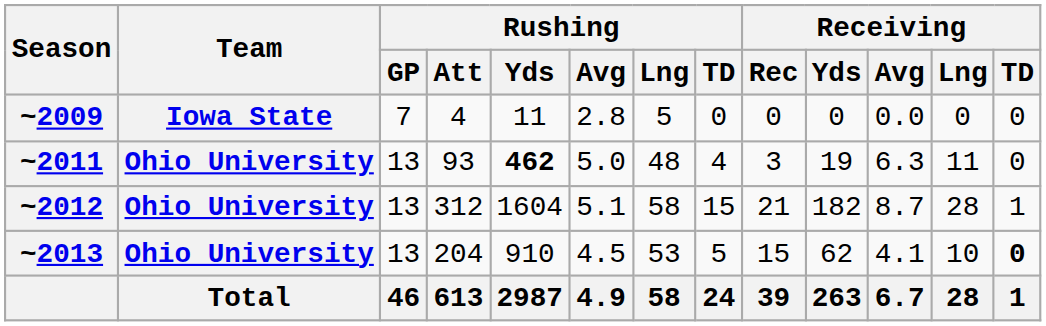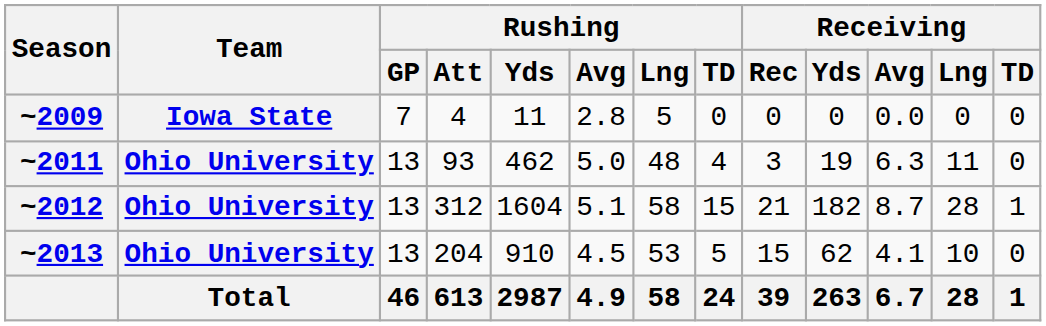 <table class=wikitable style="text-align:center;">
 <tr>
 <th rowspan=2>Season</th>
 <th rowspan=2>Team</th>
 <th colspan=6>Rushing</th>
 <th colspan=5>Receiving</th>
 </tr>
 <tr>
 <th>GP</th>
 <th>Att</th>
 <th>Yds</th>
 <th>Avg</th>
 <th>Lng</th>
 <th>TD</th>
 <th>Rec</th>
 <th>Yds</th>
 <th>Avg</th>
 <th>Lng</th>
 <th>TD</th>
 </tr>
 <tr>
 <th>~<a href='#'>2009</a></th>
 <th><a href='#'>Iowa State</a></th>
 <td>7</td>
 <td>4</td>
 <td>11</td>
 <td>2.8</td>
 <td>5</td>
 <td>0</td>
 <td>0</td>
 <td>0</td>
 <td>0.0</td>
 <td>0</td>
 <td>0</td>
 </tr>
 <tr>
 <th>~<a href='#'>2011</a></th>
 <th><a href='#'>Ohio University</a></th>
 <td>13</td>
 <td>93</td>
-<td><strong>462</strong></td>
+<td>462</td>
 <td>5.0</td>
 <td>48</td>
 <td>4</td>
 <td>3</td>
 <td>19</td>
 <td>6.3</td>
 <td>11</td>
 <td>0</td>
 </tr>
 <tr>
 <th>~<a href='#'>2012</a></th>
 <th><a href='#'>Ohio University</a></th>
 <td>13</td>
 <td>312</td>
 <td>1604</td>
 <td>5.1</td>
 <td>58</td>
 <td>15</td>
 <td>21</td>
 <td>182</td>
 <td>8.7</td>
 <td>28</td>
 <td>1</td>
 </tr>
 <tr>
 <th>~<a href='#'>2013</a></th>
 <th><a href='#'>Ohio University</a></th>
 <td>13</td>
 <td>204</td>
 <td>910</td>
 <td>4.5</td>
 <td>53</td>
 <td>5</td>
 <td>15</td>
 <td>62</td>
 <td>4.1</td>
 <td>10</td>
-<td><strong>0</strong></td>
+<td>0</td>
 </tr>
 <tr>
 <th></th>
 <th>Total</th>
 <th>46</th>
 <th>613</th>
 <th>2987</th>
 <th>4.9</th>
 <th>58</th>
 <th>24</th>
 <th>39</th>
 <th>263</th>
 <th>6.7</th>
 <th>28</th>
 <th>1</th>
 </tr>
 </table>
